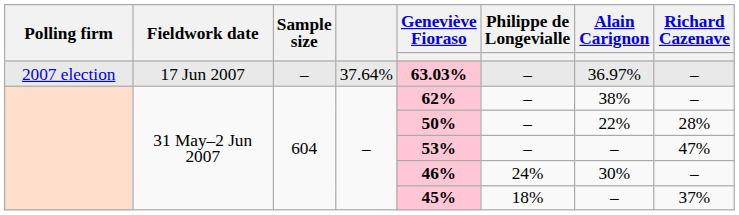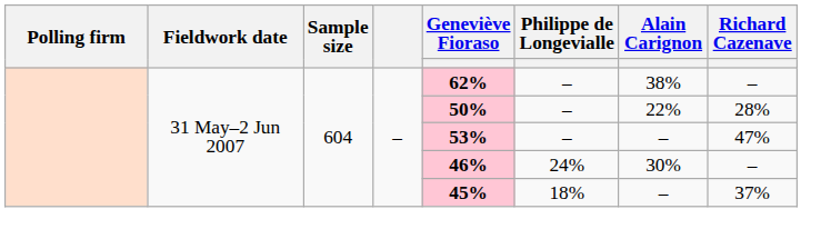 <table class="wikitable sortable" style="text-align:center;font-size:90%;line-height:14px;">
 <tr style="height:40px;">
 <th style="width:100px;" rowspan="2">Polling firm</th>
 <th style="width:110px;" rowspan="2">Fieldwork date</th>
 <th style="width:35px;" rowspan="2">Sample<br>size</th>
 <th style="width:30px;" rowspan="2"></th>
 <th class="unsortable" style="width:60px;"><a href='#'>Geneviève Fioraso</a><br></th>
 <th class="unsortable" style="width:60px;">Philippe de Longevialle<br></th>
 <th class="unsortable" style="width:60px;"><a href='#'>Alain Carignon</a><br></th>
 <th class="unsortable" style="width:60px;"><a href='#'>Richard Cazenave</a><br></th>
 </tr>
 <tr>
 <th style="background:"></th>
 <th style="background:"></th>
 <th style="background:"></th>
 <th style="background:"></th>
-</tr>
-<tr style="background:#E9E9E9;">
-<td><a href='#'>2007 election</a></td>
-<td data-sort-value="2007-06-17">17 Jun 2007</td>
-<td>–</td>
-<td>37.64%</td>
-<td style="background:#FFC6D5;"><strong>63.03%</strong></td>
-<td>–</td>
-<td>36.97%</td>
-<td>–</td>
 </tr>
 <tr>
 <td rowspan="5" style="background:#FFDFCC;"></td>
 <td rowspan="5" data-sort-value="2007-06-02">31 May–2 Jun 2007</td>
 <td rowspan="5">604</td>
 <td rowspan="5">–</td>
 <td style="background:#FFC6D5;"><strong>62%</strong></td>
 <td>–</td>
 <td>38%</td>
 <td>–</td>
 </tr>
 <tr>
 <td style="background:#FFC6D5;"><strong>50%</strong></td>
 <td>–</td>
 <td>22%</td>
 <td>28%</td>
 </tr>
 <tr>
 <td style="background:#FFC6D5;"><strong>53%</strong></td>
 <td>–</td>
 <td>–</td>
 <td>47%</td>
 </tr>
 <tr>
 <td style="background:#FFC6D5;"><strong>46%</strong></td>
 <td>24%</td>
 <td>30%</td>
 <td>–</td>
 </tr>
 <tr>
 <td style="background:#FFC6D5;"><strong>45%</strong></td>
 <td>18%</td>
 <td>–</td>
 <td>37%</td>
 </tr>
 </table>
